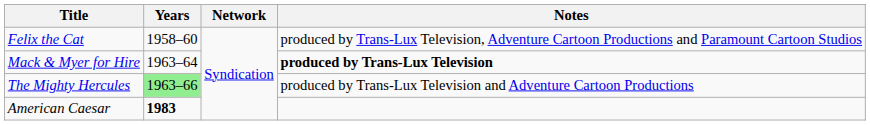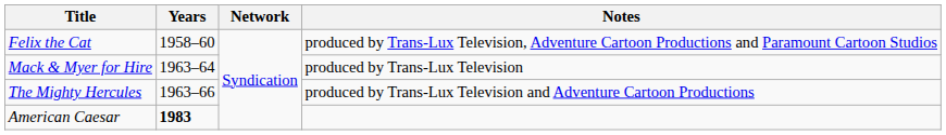 <table class="wikitable sortble">
 <tr>
 <th>Title</th>
 <th>Years</th>
 <th>Network</th>
 <th>Notes</th>
 </tr>
 <tr>
 <td><em><a href='#'>Felix the Cat</a></em></td>
 <td>1958–60</td>
 <td rowspan="4"><a href='#'>Syndication</a></td>
 <td>produced by <a href='#'>Trans-Lux</a> Television, <a href='#'>Adventure Cartoon Productions</a> and <a href='#'>Paramount Cartoon Studios</a></td>
 </tr>
 <tr>
 <td><em><a href='#'>Mack & Myer for Hire</a></em></td>
 <td>1963–64</td>
-<td><strong>produced by Trans-Lux Television</strong></td>
+<td>produced by Trans-Lux Television</td>
 </tr>
 <tr>
 <td><em><a href='#'>The Mighty Hercules</a></em></td>
-<td style="background: lightgreen;">1963–66</td>
+<td>1963–66</td>
 <td>produced by Trans-Lux Television and <a href='#'>Adventure Cartoon Productions</a></td>
 </tr>
 <tr>
 <td><em>American Caesar</em></td>
 <td><strong>1983</strong></td>
 <td></td>
 </tr>
 </table>
